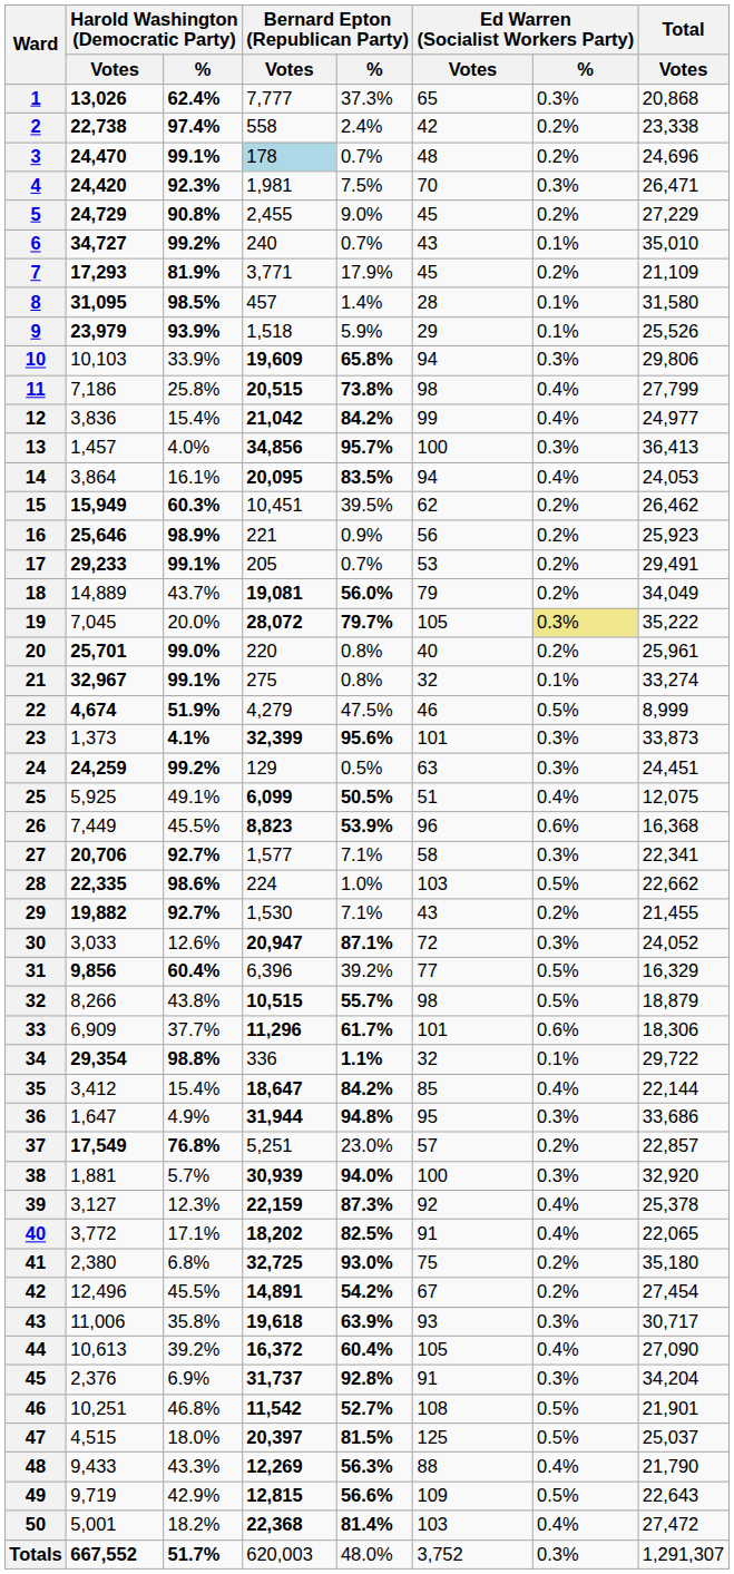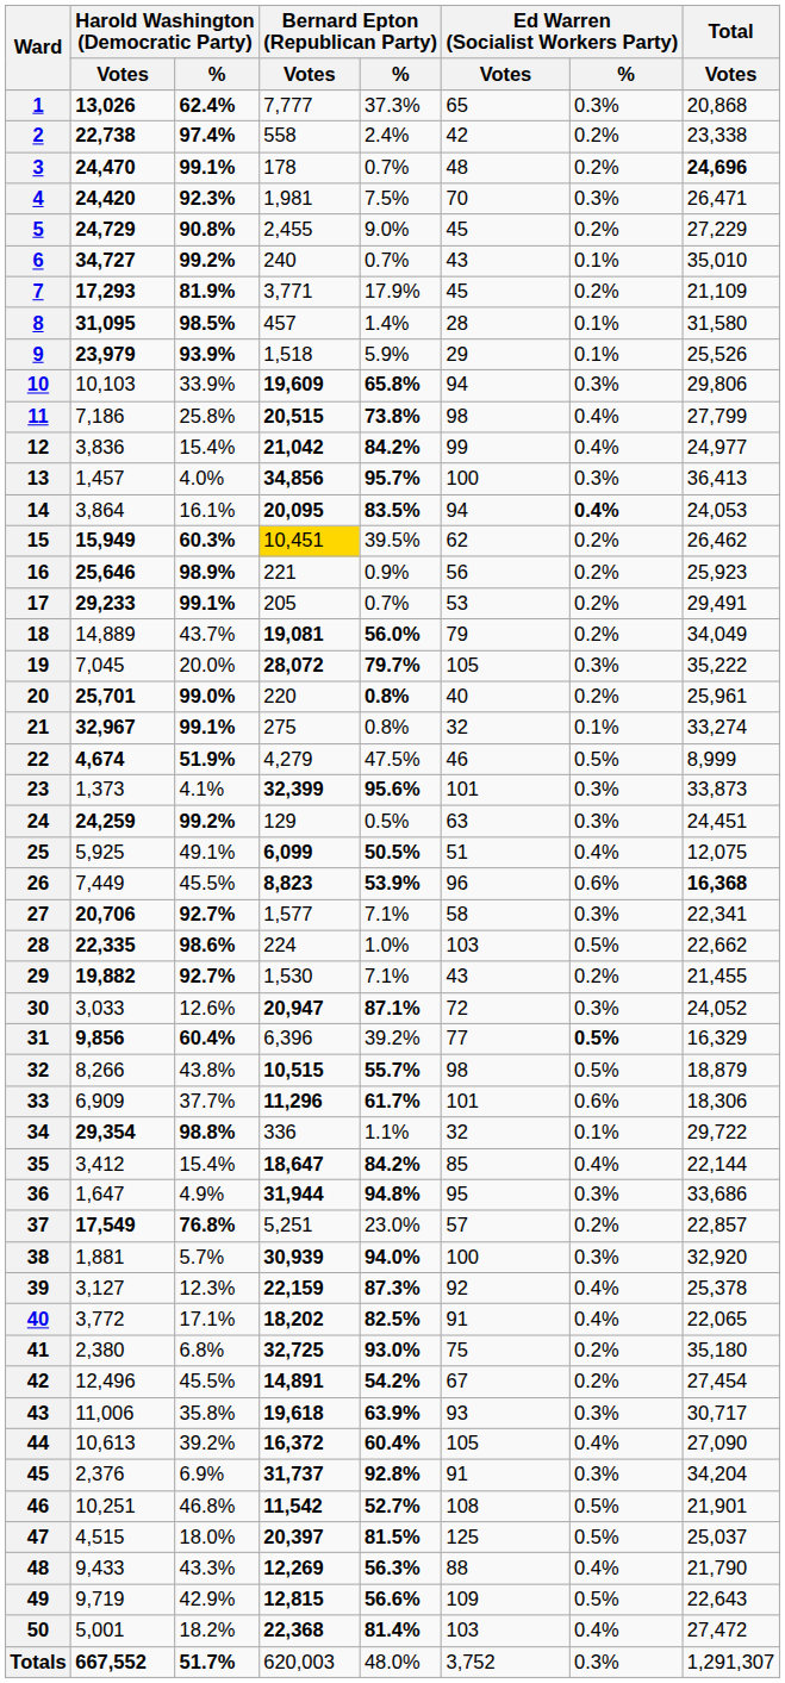 <table class="wikitable sortable">
 <tr>
 <th rowspan=2>Ward</th>
 <th colspan=2>Harold Washington<br>(Democratic Party)</th>
 <th colspan=2>Bernard Epton<br>(Republican Party)</th>
 <th colspan=2>Ed Warren<br>(Socialist Workers Party)</th>
 <th>Total</th>
 </tr>
 <tr>
 <th>Votes</th>
 <th>%</th>
 <th>Votes</th>
 <th>%</th>
 <th>Votes</th>
 <th>%</th>
 <th>Votes</th>
 </tr>
 <tr>
 <th><a href='#'>1</a></th>
 <td><strong>13,026</strong></td>
 <td><strong>62.4%</strong></td>
 <td>7,777</td>
 <td>37.3%</td>
 <td>65</td>
 <td>0.3%</td>
 <td>20,868</td>
 </tr>
 <tr>
 <th><a href='#'>2</a></th>
 <td><strong>22,738</strong></td>
 <td><strong>97.4%</strong></td>
 <td>558</td>
 <td>2.4%</td>
 <td>42</td>
 <td>0.2%</td>
 <td>23,338</td>
 </tr>
 <tr>
 <th><a href='#'>3</a></th>
 <td><strong>24,470</strong></td>
 <td><strong>99.1%</strong></td>
-<td style="background: lightblue;">178</td>
+<td>178</td>
 <td>0.7%</td>
 <td>48</td>
 <td>0.2%</td>
-<td>24,696</td>
+<td><strong>24,696</strong></td>
 </tr>
 <tr>
 <th><a href='#'>4</a></th>
 <td><strong>24,420</strong></td>
 <td><strong>92.3%</strong></td>
 <td>1,981</td>
 <td>7.5%</td>
 <td>70</td>
 <td>0.3%</td>
 <td>26,471</td>
 </tr>
 <tr>
 <th><a href='#'>5</a></th>
 <td><strong>24,729</strong></td>
 <td><strong>90.8%</strong></td>
 <td>2,455</td>
 <td>9.0%</td>
 <td>45</td>
 <td>0.2%</td>
 <td>27,229</td>
 </tr>
 <tr>
 <th><a href='#'>6</a></th>
 <td><strong>34,727</strong></td>
 <td><strong>99.2%</strong></td>
 <td>240</td>
 <td>0.7%</td>
 <td>43</td>
 <td>0.1%</td>
 <td>35,010</td>
 </tr>
 <tr>
 <th><a href='#'>7</a></th>
 <td><strong>17,293</strong></td>
 <td><strong>81.9%</strong></td>
 <td>3,771</td>
 <td>17.9%</td>
 <td>45</td>
 <td>0.2%</td>
 <td>21,109</td>
 </tr>
 <tr>
 <th><a href='#'>8</a></th>
 <td><strong>31,095</strong></td>
 <td><strong>98.5%</strong></td>
 <td>457</td>
 <td>1.4%</td>
 <td>28</td>
 <td>0.1%</td>
 <td>31,580</td>
 </tr>
 <tr>
 <th><a href='#'>9</a></th>
 <td><strong>23,979</strong></td>
 <td><strong>93.9%</strong></td>
 <td>1,518</td>
 <td>5.9%</td>
 <td>29</td>
 <td>0.1%</td>
 <td>25,526</td>
 </tr>
 <tr>
 <th><a href='#'>10</a></th>
 <td>10,103</td>
 <td>33.9%</td>
 <td><strong>19,609</strong></td>
 <td><strong>65.8%</strong></td>
 <td>94</td>
 <td>0.3%</td>
 <td>29,806</td>
 </tr>
 <tr>
 <th><a href='#'>11</a></th>
 <td>7,186</td>
 <td>25.8%</td>
 <td><strong>20,515</strong></td>
 <td><strong>73.8%</strong></td>
 <td>98</td>
 <td>0.4%</td>
 <td>27,799</td>
 </tr>
 <tr>
 <th>12</th>
 <td>3,836</td>
 <td>15.4%</td>
 <td><strong>21,042</strong></td>
 <td><strong>84.2%</strong></td>
 <td>99</td>
 <td>0.4%</td>
 <td>24,977</td>
 </tr>
 <tr>
 <th>13</th>
 <td>1,457</td>
 <td>4.0%</td>
 <td><strong>34,856</strong></td>
 <td><strong>95.7%</strong></td>
 <td>100</td>
 <td>0.3%</td>
 <td>36,413</td>
 </tr>
 <tr>
 <th>14</th>
 <td>3,864</td>
 <td>16.1%</td>
 <td><strong>20,095</strong></td>
 <td><strong>83.5%</strong></td>
 <td>94</td>
-<td>0.4%</td>
+<td><strong>0.4%</strong></td>
 <td>24,053</td>
 </tr>
 <tr>
 <th>15</th>
 <td><strong>15,949</strong></td>
 <td><strong>60.3%</strong></td>
-<td>10,451</td>
+<td style="background: gold;">10,451</td>
 <td>39.5%</td>
 <td>62</td>
 <td>0.2%</td>
 <td>26,462</td>
 </tr>
 <tr>
 <th>16</th>
 <td><strong>25,646</strong></td>
 <td><strong>98.9%</strong></td>
 <td>221</td>
 <td>0.9%</td>
 <td>56</td>
 <td>0.2%</td>
 <td>25,923</td>
 </tr>
 <tr>
 <th>17</th>
 <td><strong>29,233</strong></td>
 <td><strong>99.1%</strong></td>
 <td>205</td>
 <td>0.7%</td>
 <td>53</td>
 <td>0.2%</td>
 <td>29,491</td>
 </tr>
 <tr>
 <th>18</th>
 <td>14,889</td>
 <td>43.7%</td>
 <td><strong>19,081</strong></td>
 <td><strong>56.0%</strong></td>
 <td>79</td>
 <td>0.2%</td>
 <td>34,049</td>
 </tr>
 <tr>
 <th>19</th>
 <td>7,045</td>
 <td>20.0%</td>
 <td><strong>28,072</strong></td>
 <td><strong>79.7%</strong></td>
 <td>105</td>
-<td style="background: khaki;">0.3%</td>
+<td>0.3%</td>
 <td>35,222</td>
 </tr>
 <tr>
 <th>20</th>
 <td><strong>25,701</strong></td>
 <td><strong>99.0%</strong></td>
 <td>220</td>
-<td>0.8%</td>
+<td><strong>0.8%</strong></td>
 <td>40</td>
 <td>0.2%</td>
 <td>25,961</td>
 </tr>
 <tr>
 <th>21</th>
 <td><strong>32,967</strong></td>
 <td><strong>99.1%</strong></td>
 <td>275</td>
 <td>0.8%</td>
 <td>32</td>
 <td>0.1%</td>
 <td>33,274</td>
 </tr>
 <tr>
 <th>22</th>
 <td><strong>4,674</strong></td>
 <td><strong>51.9%</strong></td>
 <td>4,279</td>
 <td>47.5%</td>
 <td>46</td>
 <td>0.5%</td>
 <td>8,999</td>
 </tr>
 <tr>
 <th>23</th>
 <td>1,373</td>
-<td><strong>4.1%</strong></td>
+<td>4.1%</td>
 <td><strong>32,399</strong></td>
 <td><strong>95.6%</strong></td>
 <td>101</td>
 <td>0.3%</td>
 <td>33,873</td>
 </tr>
 <tr>
 <th>24</th>
 <td><strong>24,259</strong></td>
 <td><strong>99.2%</strong></td>
 <td>129</td>
 <td>0.5%</td>
 <td>63</td>
 <td>0.3%</td>
 <td>24,451</td>
 </tr>
 <tr>
 <th>25</th>
 <td>5,925</td>
 <td>49.1%</td>
 <td><strong>6,099</strong></td>
 <td><strong>50.5%</strong></td>
 <td>51</td>
 <td>0.4%</td>
 <td>12,075</td>
 </tr>
 <tr>
 <th>26</th>
 <td>7,449</td>
 <td>45.5%</td>
 <td><strong>8,823</strong></td>
 <td><strong>53.9%</strong></td>
 <td>96</td>
 <td>0.6%</td>
-<td>16,368</td>
+<td><strong>16,368</strong></td>
 </tr>
 <tr>
 <th>27</th>
 <td><strong>20,706</strong></td>
 <td><strong>92.7%</strong></td>
 <td>1,577</td>
 <td>7.1%</td>
 <td>58</td>
 <td>0.3%</td>
 <td>22,341</td>
 </tr>
 <tr>
 <th>28</th>
 <td><strong>22,335</strong></td>
 <td><strong>98.6%</strong></td>
 <td>224</td>
 <td>1.0%</td>
 <td>103</td>
 <td>0.5%</td>
 <td>22,662</td>
 </tr>
 <tr>
 <th>29</th>
 <td><strong>19,882</strong></td>
 <td><strong>92.7%</strong></td>
 <td>1,530</td>
 <td>7.1%</td>
 <td>43</td>
 <td>0.2%</td>
 <td>21,455</td>
 </tr>
 <tr>
 <th>30</th>
 <td>3,033</td>
 <td>12.6%</td>
 <td><strong>20,947</strong></td>
 <td><strong>87.1%</strong></td>
 <td>72</td>
 <td>0.3%</td>
 <td>24,052</td>
 </tr>
 <tr>
 <th>31</th>
 <td><strong>9,856</strong></td>
 <td><strong>60.4%</strong></td>
 <td>6,396</td>
 <td>39.2%</td>
 <td>77</td>
-<td>0.5%</td>
+<td><strong>0.5%</strong></td>
 <td>16,329</td>
 </tr>
 <tr>
 <th>32</th>
 <td>8,266</td>
 <td>43.8%</td>
 <td><strong>10,515</strong></td>
 <td><strong>55.7%</strong></td>
 <td>98</td>
 <td>0.5%</td>
 <td>18,879</td>
 </tr>
 <tr>
 <th>33</th>
 <td>6,909</td>
 <td>37.7%</td>
 <td><strong>11,296</strong></td>
 <td><strong>61.7%</strong></td>
 <td>101</td>
 <td>0.6%</td>
 <td>18,306</td>
 </tr>
 <tr>
 <th>34</th>
 <td><strong>29,354</strong></td>
 <td><strong>98.8%</strong></td>
 <td>336</td>
-<td><strong>1.1%</strong></td>
+<td>1.1%</td>
 <td>32</td>
 <td>0.1%</td>
 <td>29,722</td>
 </tr>
 <tr>
 <th>35</th>
 <td>3,412</td>
 <td>15.4%</td>
 <td><strong>18,647</strong></td>
 <td><strong>84.2%</strong></td>
 <td>85</td>
 <td>0.4%</td>
 <td>22,144</td>
 </tr>
 <tr>
 <th>36</th>
 <td>1,647</td>
 <td>4.9%</td>
 <td><strong>31,944</strong></td>
 <td><strong>94.8%</strong></td>
 <td>95</td>
 <td>0.3%</td>
 <td>33,686</td>
 </tr>
 <tr>
 <th>37</th>
 <td><strong>17,549</strong></td>
 <td><strong>76.8%</strong></td>
 <td>5,251</td>
 <td>23.0%</td>
 <td>57</td>
 <td>0.2%</td>
 <td>22,857</td>
 </tr>
 <tr>
 <th>38</th>
 <td>1,881</td>
 <td>5.7%</td>
 <td><strong>30,939</strong></td>
 <td><strong>94.0%</strong></td>
 <td>100</td>
 <td>0.3%</td>
 <td>32,920</td>
 </tr>
 <tr>
 <th>39</th>
 <td>3,127</td>
 <td>12.3%</td>
 <td><strong>22,159</strong></td>
 <td><strong>87.3%</strong></td>
 <td>92</td>
 <td>0.4%</td>
 <td>25,378</td>
 </tr>
 <tr>
 <th><a href='#'>40</a></th>
 <td>3,772</td>
 <td>17.1%</td>
 <td><strong>18,202</strong></td>
 <td><strong>82.5%</strong></td>
 <td>91</td>
 <td>0.4%</td>
 <td>22,065</td>
 </tr>
 <tr>
 <th>41</th>
 <td>2,380</td>
 <td>6.8%</td>
 <td><strong>32,725</strong></td>
 <td><strong>93.0%</strong></td>
 <td>75</td>
 <td>0.2%</td>
 <td>35,180</td>
 </tr>
 <tr>
 <th>42</th>
 <td>12,496</td>
 <td>45.5%</td>
 <td><strong>14,891</strong></td>
 <td><strong>54.2%</strong></td>
 <td>67</td>
 <td>0.2%</td>
 <td>27,454</td>
 </tr>
 <tr>
 <th>43</th>
 <td>11,006</td>
 <td>35.8%</td>
 <td><strong>19,618</strong></td>
 <td><strong>63.9%</strong></td>
 <td>93</td>
 <td>0.3%</td>
 <td>30,717</td>
 </tr>
 <tr>
 <th>44</th>
 <td>10,613</td>
 <td>39.2%</td>
 <td><strong>16,372</strong></td>
 <td><strong>60.4%</strong></td>
 <td>105</td>
 <td>0.4%</td>
 <td>27,090</td>
 </tr>
 <tr>
 <th>45</th>
 <td>2,376</td>
 <td>6.9%</td>
 <td><strong>31,737</strong></td>
 <td><strong>92.8%</strong></td>
 <td>91</td>
 <td>0.3%</td>
 <td>34,204</td>
 </tr>
 <tr>
 <th>46</th>
 <td>10,251</td>
 <td>46.8%</td>
 <td><strong>11,542</strong></td>
 <td><strong>52.7%</strong></td>
 <td>108</td>
 <td>0.5%</td>
 <td>21,901</td>
 </tr>
 <tr>
 <th>47</th>
 <td>4,515</td>
 <td>18.0%</td>
 <td><strong>20,397</strong></td>
 <td><strong>81.5%</strong></td>
 <td>125</td>
 <td>0.5%</td>
 <td>25,037</td>
 </tr>
 <tr>
 <th>48</th>
 <td>9,433</td>
 <td>43.3%</td>
 <td><strong>12,269</strong></td>
 <td><strong>56.3%</strong></td>
 <td>88</td>
 <td>0.4%</td>
 <td>21,790</td>
 </tr>
 <tr>
 <th>49</th>
 <td>9,719</td>
 <td>42.9%</td>
 <td><strong>12,815</strong></td>
 <td><strong>56.6%</strong></td>
 <td>109</td>
 <td>0.5%</td>
 <td>22,643</td>
 </tr>
 <tr>
 <th>50</th>
 <td>5,001</td>
 <td>18.2%</td>
 <td><strong>22,368</strong></td>
 <td><strong>81.4%</strong></td>
 <td>103</td>
 <td>0.4%</td>
 <td>27,472</td>
 </tr>
 <tr>
 <th>Totals</th>
 <td><strong>667,552</strong></td>
 <td><strong>51.7%</strong></td>
 <td>620,003</td>
 <td>48.0%</td>
 <td>3,752</td>
 <td>0.3%</td>
 <td>1,291,307</td>
 </tr>
 </table>
